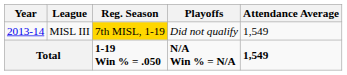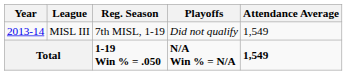 <table class="wikitable">
 <tr>
 <th>Year</th>
 <th>League</th>
 <th>Reg. Season</th>
 <th>Playoffs</th>
 <th>Attendance Average</th>
 </tr>
 <tr>
 <td><a href='#'>2013-14</a></td>
 <td>MISL III</td>
-<td style="background: gold;">7th MISL, 1-19</td>
+<td>7th MISL, 1-19</td>
 <td><em>Did not qualify</em></td>
 <td>1,549</td>
 </tr>
 <tr>
 <th align="center" rowSpan="1" colSpan="2">Total</th>
 <td><strong>1-19</strong> <br> <strong>Win % = .050</strong></td>
 <td><strong>N/A</strong> <br> <strong>Win % = N/A</strong></td>
 <td><strong>1,549</strong></td>
 </tr>
 </table>
